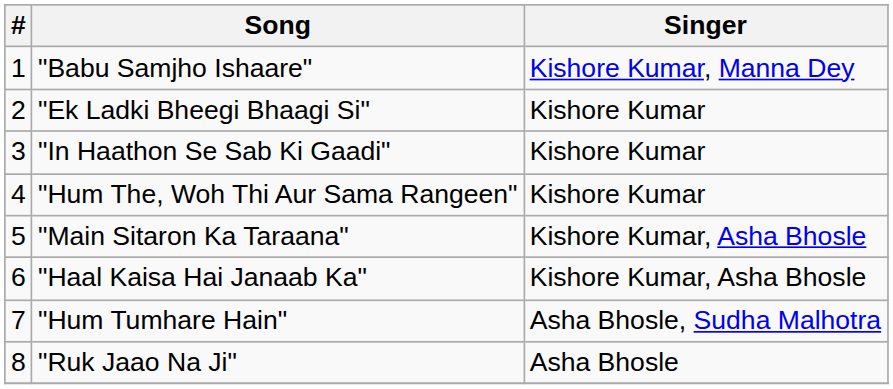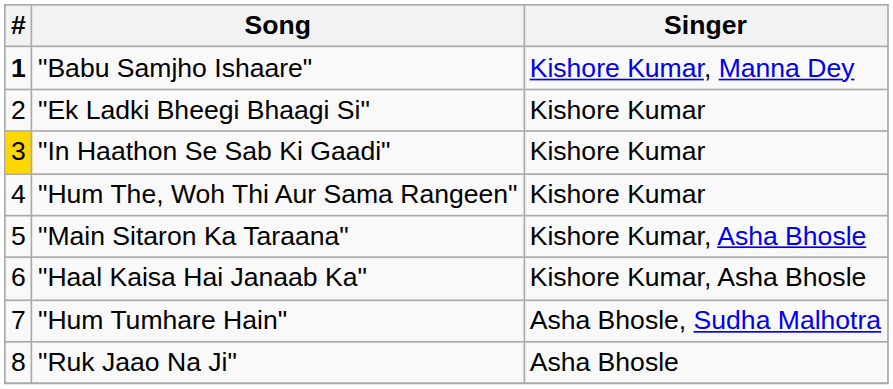 <table class=wikitable>
 <tr>
 <th>#</th>
 <th>Song</th>
 <th>Singer</th>
 </tr>
 <tr>
-<td>1</td>
+<td><strong>1</strong></td>
 <td>"Babu Samjho Ishaare"</td>
 <td><a href='#'>Kishore Kumar</a>, <a href='#'>Manna Dey</a></td>
 </tr>
 <tr>
 <td>2</td>
 <td>"Ek Ladki Bheegi Bhaagi Si"</td>
 <td>Kishore Kumar</td>
 </tr>
 <tr>
-<td>3</td>
+<td style="background: gold;">3</td>
 <td>"In Haathon Se Sab Ki Gaadi"</td>
 <td>Kishore Kumar</td>
 </tr>
 <tr>
 <td>4</td>
 <td>"Hum The, Woh Thi Aur Sama Rangeen"</td>
 <td>Kishore Kumar</td>
 </tr>
 <tr>
 <td>5</td>
 <td>"Main Sitaron Ka Taraana"</td>
 <td>Kishore Kumar, <a href='#'>Asha Bhosle</a></td>
 </tr>
 <tr>
 <td>6</td>
 <td>"Haal Kaisa Hai Janaab Ka"</td>
 <td>Kishore Kumar, Asha Bhosle</td>
 </tr>
 <tr>
 <td>7</td>
 <td>"Hum Tumhare Hain"</td>
 <td>Asha Bhosle, <a href='#'>Sudha Malhotra</a></td>
 </tr>
 <tr>
 <td>8</td>
 <td>"Ruk Jaao Na Ji"</td>
 <td>Asha Bhosle</td>
 </tr>
 <tr>
 </tr>
 </table>
